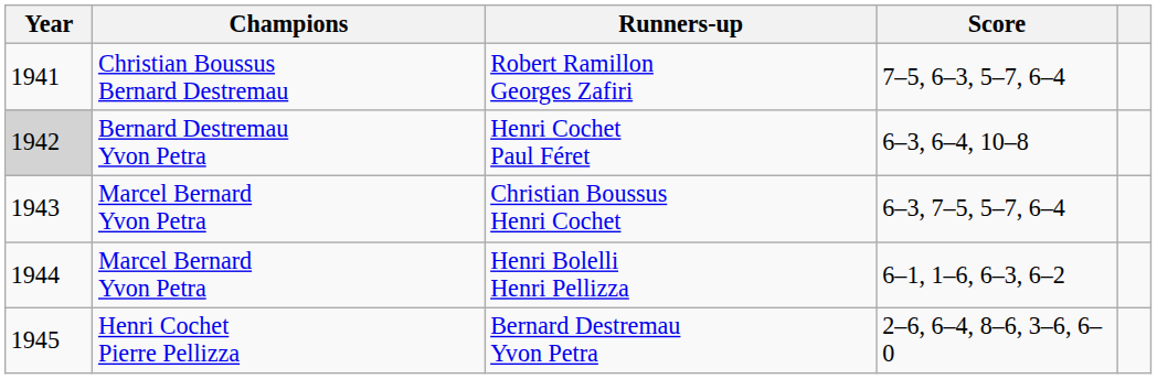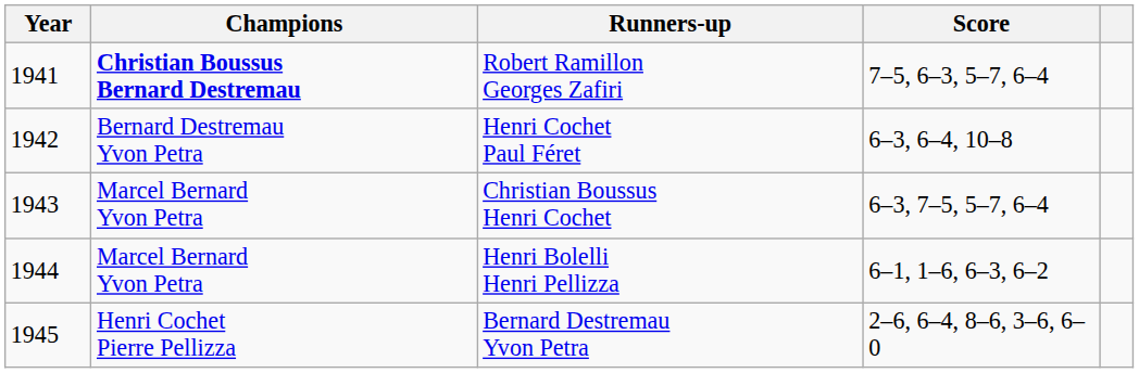 <table class="wikitable">
 <tr>
 <th width=50>Year</th>
 <th width=250>Champions</th>
 <th width=250>Runners-up</th>
 <th width=150>Score</th>
 <th style="width:15px" class="unsortable"></th>
 </tr>
 <tr>
 <td>1941</td>
-<td> <a href='#'>Christian Boussus</a>  <br>  <a href='#'>Bernard Destremau</a></td>
+<td><strong> <a href='#'>Christian Boussus</a>  <br>  <a href='#'>Bernard Destremau</a></strong></td>
 <td> <a href='#'>Robert Ramillon</a> <br>  <a href='#'>Georges Zafiri</a></td>
 <td>7–5, 6–3, 5–7, 6–4</td>
 </tr>
 <tr>
-<td style="background: lightgrey;">1942</td>
+<td>1942</td>
 <td> <a href='#'>Bernard Destremau</a>  <br>  <a href='#'>Yvon Petra</a></td>
 <td> <a href='#'>Henri Cochet</a> <br>  <a href='#'>Paul Féret</a></td>
 <td>6–3, 6–4, 10–8</td>
 <td></td>
 </tr>
 <tr>
 <td>1943</td>
 <td> <a href='#'>Marcel Bernard</a>  <br>  <a href='#'>Yvon Petra</a></td>
 <td> <a href='#'>Christian Boussus</a> <br>  <a href='#'>Henri Cochet</a></td>
 <td>6–3, 7–5, 5–7, 6–4</td>
 <td></td>
 </tr>
 <tr>
 <td>1944</td>
 <td> <a href='#'>Marcel Bernard</a>  <br>  <a href='#'>Yvon Petra</a></td>
 <td> <a href='#'>Henri Bolelli</a> <br>  <a href='#'>Henri Pellizza</a></td>
 <td>6–1, 1–6, 6–3, 6–2</td>
 <td></td>
 </tr>
 <tr>
 <td>1945</td>
 <td> <a href='#'>Henri Cochet</a> <br>  <a href='#'>Pierre Pellizza</a></td>
 <td> <a href='#'>Bernard Destremau</a> <br>  <a href='#'>Yvon Petra</a></td>
 <td>2–6, 6–4, 8–6, 3–6, 6–0</td>
 <td></td>
 </tr>
 </table>
